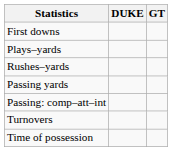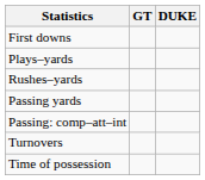 <table class="wikitable" style="float:left">
 <tr>
 <th>Statistics</th>
+<th>GT</th>
 <th>DUKE</th>
-<th>GT</th>
 </tr>
 <tr>
 <td>First downs</td>
 <td></td>
 <td></td>
 </tr>
 <tr>
 <td>Plays–yards</td>
 <td></td>
 <td></td>
 </tr>
 <tr>
 <td>Rushes–yards</td>
 <td></td>
 <td></td>
 </tr>
 <tr>
 <td>Passing yards</td>
 <td></td>
 <td></td>
 </tr>
 <tr>
 <td>Passing: comp–att–int</td>
 <td></td>
 <td></td>
 </tr>
 <tr>
 <td>Turnovers</td>
 <td></td>
 <td></td>
 </tr>
 <tr>
 <td>Time of possession</td>
 <td></td>
 <td></td>
 </tr>
 </table>
